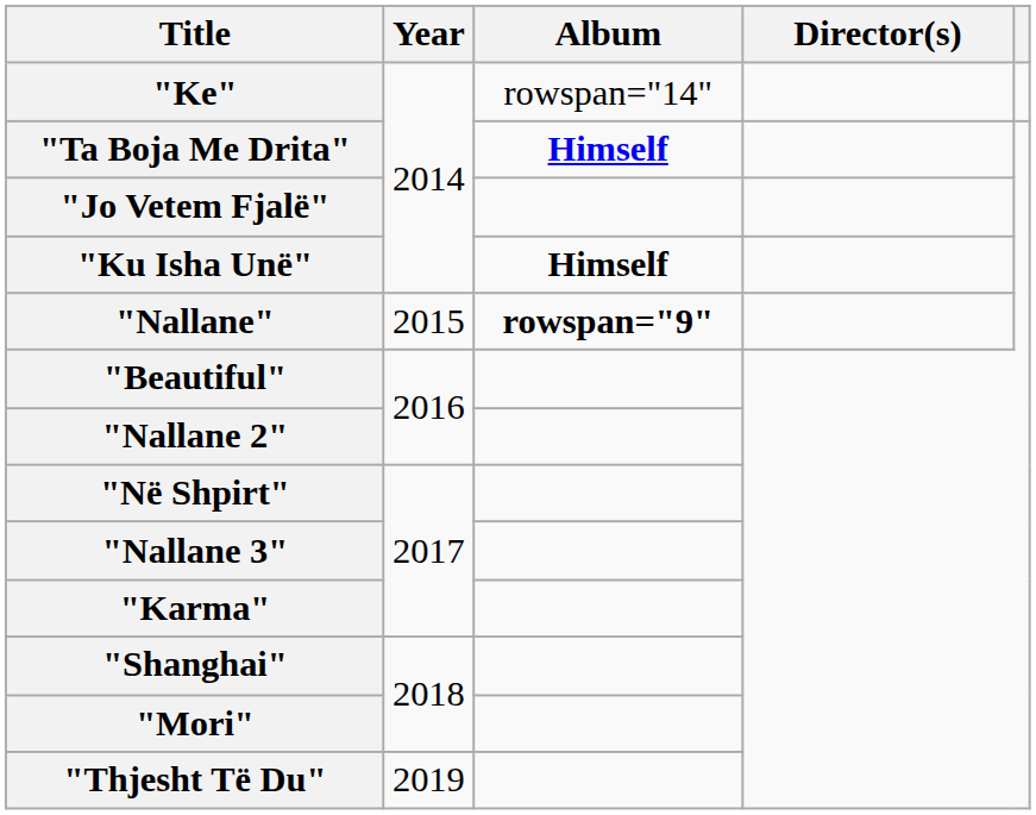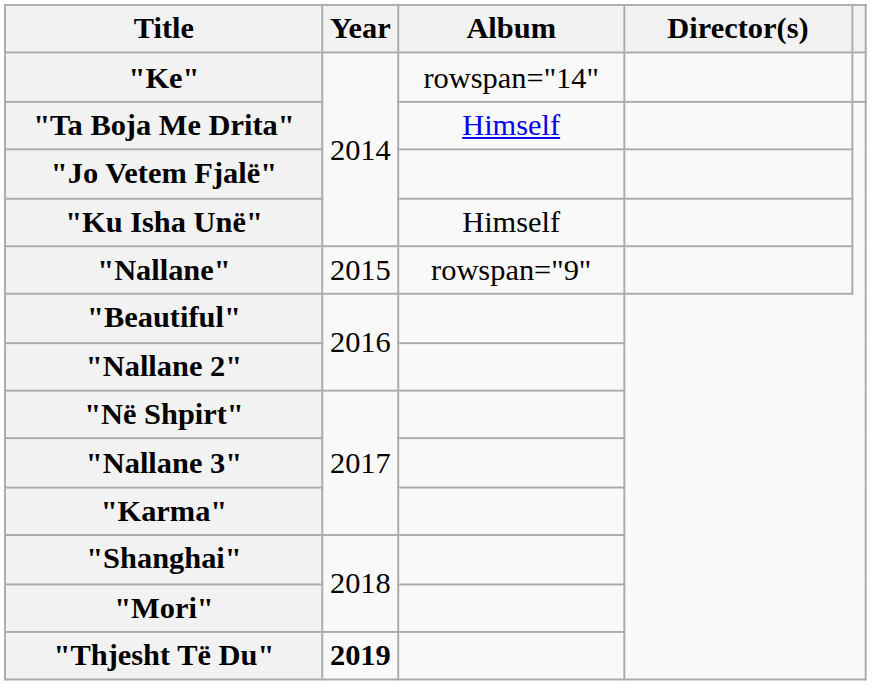 <table class="wikitable plainrowheaders" style="text-align:center;">
 <tr>
 <th scope="col" style="width:10em;">Title</th>
 <th scope="col" style="width:1em;">Year</th>
 <th scope="col" style="width:7em;">Album</th>
 <th scope="col" style="width:7em;">Director(s)</th>
 <th scope="col"></th>
 </tr>
 <tr>
 <th scope="row">"Ke"</th>
 <td rowspan="4">2014</td>
 <td>rowspan="14" </td>
 <td></td>
 <td></td>
 </tr>
 <tr>
 <th scope="row">"Ta Boja Me Drita"</th>
-<td><strong><a href='#'>Himself</a></strong></td>
+<td><a href='#'>Himself</a></td>
 <td></td>
 </tr>
 <tr>
 <th scope="row">"Jo Vetem Fjalë"</th>
 <td></td>
 <td></td>
 </tr>
 <tr>
 <th scope="row">"Ku Isha Unë"<br></th>
-<td><strong>Himself</strong></td>
+<td>Himself</td>
 <td></td>
 </tr>
 <tr>
 <th scope="row">"Nallane"<br></th>
 <td rowspan="1">2015</td>
-<td><strong>rowspan="9" </strong></td>
+<td>rowspan="9" </td>
 <td></td>
 </tr>
 <tr>
 <th scope="row">"Beautiful"<br></th>
 <td rowspan="2">2016</td>
 <td></td>
 </tr>
 <tr>
 <th scope="row">"Nallane 2"<br></th>
 <td></td>
 </tr>
 <tr>
 <th scope="row">"Në Shpirt"<br></th>
 <td rowspan="3">2017</td>
 <td></td>
 </tr>
 <tr>
 <th scope="row">"Nallane 3"<br></th>
 <td></td>
 </tr>
 <tr>
 <th scope="row">"Karma"<br></th>
 <td></td>
 </tr>
 <tr>
 <th scope="row">"Shanghai"<br></th>
 <td rowspan="2">2018</td>
 <td></td>
 </tr>
 <tr>
 <th scope="row">"Mori"<br></th>
 <td></td>
 </tr>
 <tr>
 <th scope="row">"Thjesht Të Du"</th>
-<td>2019</td>
+<td><strong>2019</strong></td>
 <td></td>
 </tr>
 </table>
